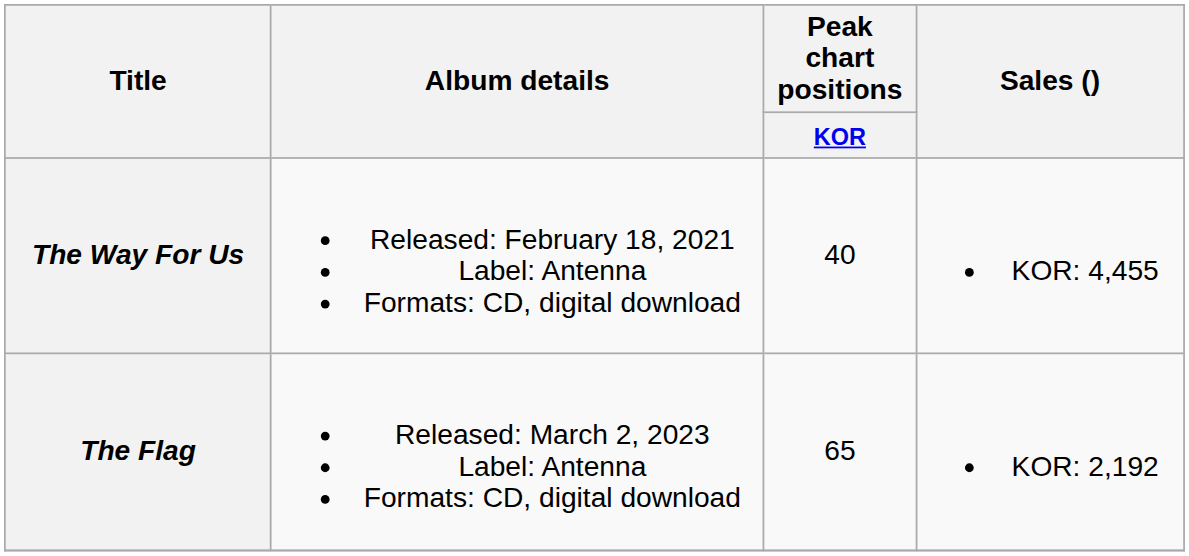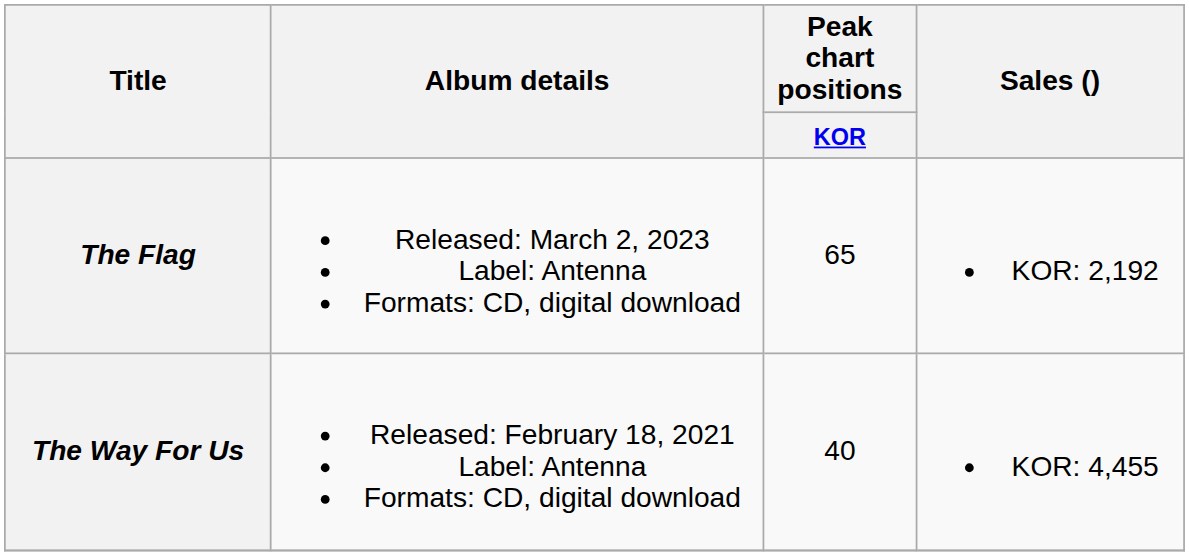 <table class="wikitable plainrowheaders" style="text-align:center;">
 <tr>
 <th scope="col" rowspan="2" style="width:9em;">Title</th>
 <th scope="col" rowspan="2" style="width:17em;">Album details</th>
 <th scope="col" colspan="1" style="width:5em;">Peak chart positions</th>
 <th scope="col" rowspan="2" style="width:9em;">Sales ()</th>
 </tr>
 <tr>
 <th><small><a href='#'>KOR</a></small><br></th>
 </tr>
 <tr>
+<th scope="row"><em>The Flag</em></th>
+<td><br><ul><li>Released: March 2, 2023</li><li>Label: Antenna</li><li>Formats: CD, digital download</li></ul></td>
+<td>65</td>
+<td><br><ul><li>KOR: 2,192</li></ul></td>
+</tr>
+<tr>
 <th scope="row"><em>The Way For Us</em> <br></th>
 <td><br><ul><li>Released: February 18, 2021</li><li>Label: Antenna</li><li>Formats: CD, digital download</li></ul></td>
 <td>40</td>
 <td><br><ul><li>KOR: 4,455</li></ul></td>
 </tr>
 <tr>
-<th scope="row"><em>The Flag</em></th>
-<td><br><ul><li>Released: March 2, 2023</li><li>Label: Antenna</li><li>Formats: CD, digital download</li></ul></td>
-<td>65</td>
-<td><br><ul><li>KOR: 2,192</li></ul></td>
-</tr>
-<tr>
 </tr>
 </table>
